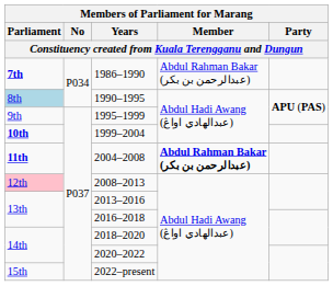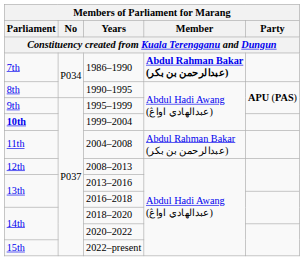 <table class=wikitable>
 <tr>
 <th colspan="5">Members of Parliament for Marang</th>
 </tr>
 <tr>
 <th>Parliament</th>
 <th>No</th>
 <th>Years</th>
 <th>Member</th>
 <th>Party</th>
 </tr>
 <tr>
 <th colspan="5" align="center"><em>Constituency created from <a href='#'>Kuala Terengganu</a> and <a href='#'>Dungun</a></em></th>
 </tr>
 <tr>
-<td><strong><a href='#'>7th</a></strong></td>
+<td><a href='#'>7th</a></td>
 <td rowspan="2">P034</td>
 <td>1986–1990</td>
-<td><a href='#'>Abdul Rahman Bakar</a> <br> (عبدالرحمن بن بكر)</td>
+<td><strong><a href='#'>Abdul Rahman Bakar</a> <br> (عبدالرحمن بن بكر)</strong></td>
 <td></td>
 </tr>
 <tr>
-<td style="background: lightblue;"><a href='#'>8th</a></td>
+<td><a href='#'>8th</a></td>
 <td>1990–1995</td>
 <td rowspan=3><a href='#'>Abdul Hadi Awang</a>  <br>(عبدالهادي اواڠ)</td>
 <td rowspan=2><strong>APU</strong> (<strong>PAS</strong>)</td>
 </tr>
 <tr>
 <td><a href='#'>9th</a></td>
 <td rowspan=9>P037</td>
 <td>1995–1999</td>
 </tr>
 <tr>
 <td><strong><a href='#'>10th</a></strong></td>
 <td>1999–2004</td>
 <td></td>
 </tr>
 <tr>
-<td><strong><a href='#'>11th</a></strong></td>
+<td><a href='#'>11th</a></td>
 <td>2004–2008</td>
-<td><strong><a href='#'>Abdul Rahman Bakar</a>  <br>(عبدالرحمن بن بكر)</strong></td>
+<td><a href='#'>Abdul Rahman Bakar</a>  <br>(عبدالرحمن بن بكر)</td>
 <td></td>
 </tr>
 <tr>
-<td style="background: pink;"><a href='#'>12th</a></td>
+<td><a href='#'>12th</a></td>
 <td>2008–2013</td>
 <td rowspan=6><a href='#'>Abdul Hadi Awang</a>  <br>(عبدالهادي اواڠ)</td>
 <td rowspan="2"></td>
 </tr>
 <tr>
 <td rowspan=2><a href='#'>13th</a></td>
 <td>2013–2016</td>
 </tr>
 <tr>
 <td>2016–2018</td>
 <td rowspan=2></td>
 </tr>
 <tr>
 <td rowspan="2"><a href='#'>14th</a></td>
 <td>2018–2020</td>
 </tr>
 <tr>
 <td>2020–2022</td>
 <td rowspan=2></td>
 </tr>
 <tr>
 <td><a href='#'>15th</a></td>
 <td>2022–present</td>
 </tr>
 </table>
